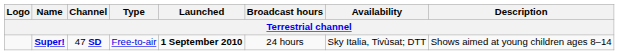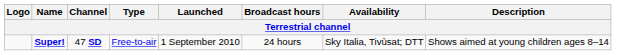 <table class="wikitable" style="text-align:center">
 <tr>
 <th>Logo</th>
 <th>Name</th>
 <th>Channel</th>
 <th>Type</th>
 <th>Launched</th>
 <th>Broadcast hours</th>
 <th>Availability</th>
 <th>Description</th>
 </tr>
 <tr>
 <th colspan="8"><a href='#'>Terrestrial channel</a></th>
 </tr>
 <tr>
 <td></td>
 <td><strong><a href='#'>Super!</a></strong></td>
 <td>47 <strong><a href='#'>SD</a></strong></td>
 <td><a href='#'>Free-to-air</a></td>
-<td><strong>1 September 2010</strong></td>
+<td>1 September 2010</td>
 <td>24 hours</td>
 <td>Sky Italia, Tivùsat; DTT</td>
 <td>Shows aimed at young children ages 8–14</td>
 </tr>
 </table>
